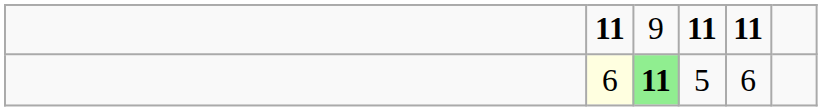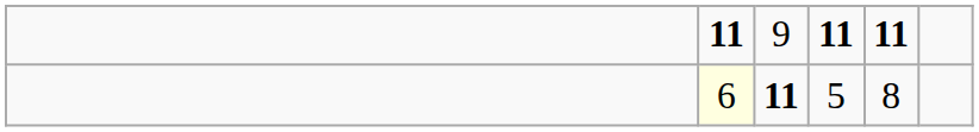 <table class="wikitable">
 <tr>
 <td style="width:18em"><strong></strong></td>
 <td align=center style="width:1em"><strong>11</strong></td>
 <td align=center style="width:1em">9</td>
 <td align=center style="width:1em"><strong>11</strong></td>
 <td align=center style="width:1em"><strong>11</strong></td>
 <td align=center style="width:1em"></td>
 </tr>
 <tr>
 <td style="width:18em"></td>
 <td align=center style="background: lightyellow; width:1em">6</td>
-<td align=center style="background: lightgreen; width:1em"><strong>11</strong></td>
+<td align=center style="width:1em"><strong>11</strong></td>
 <td align=center style="width:1em">5</td>
-<td align=center style="width:1em">6</td>
+<td align=center style="width:1em">8</td>
 <td align=center style="width:1em"></td>
 </tr>
 </table>
